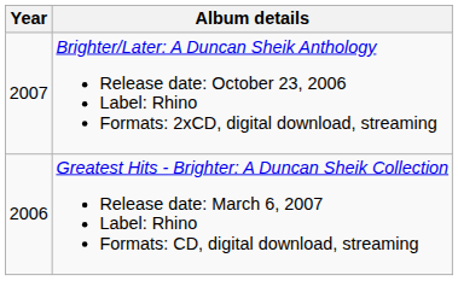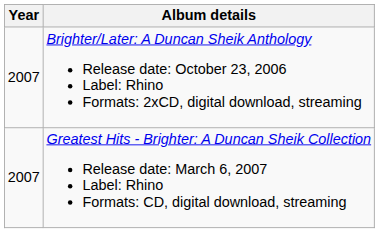 <table class="wikitable" style="text-align:center;">
 <tr>
 <th>Year</th>
 <th>Album details</th>
 </tr>
 <tr>
 <td>2007</td>
 <td style="text-align:left;"><em><a href='#'>Brighter/Later: A Duncan Sheik Anthology</a></em><br><ul><li>Release date: October 23, 2006</li><li>Label: Rhino</li><li>Formats: 2xCD, digital download, streaming</li></ul></td>
 </tr>
 <tr>
-<td>2006</td>
+<td>2007</td>
 <td style="text-align:left;"><em><a href='#'>Greatest Hits - Brighter: A Duncan Sheik Collection</a></em><br><ul><li>Release date: March 6, 2007</li><li>Label: Rhino</li><li>Formats: CD, digital download, streaming</li></ul></td>
 </tr>
 </table>
